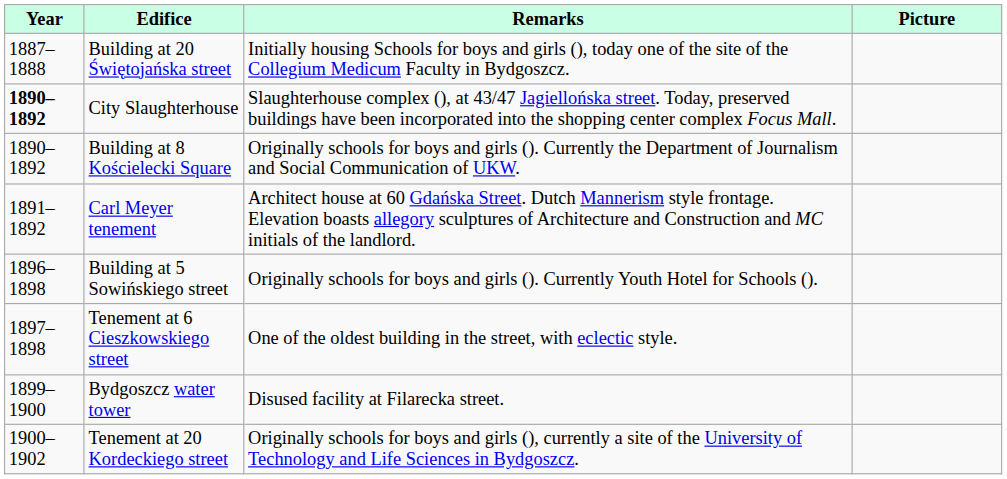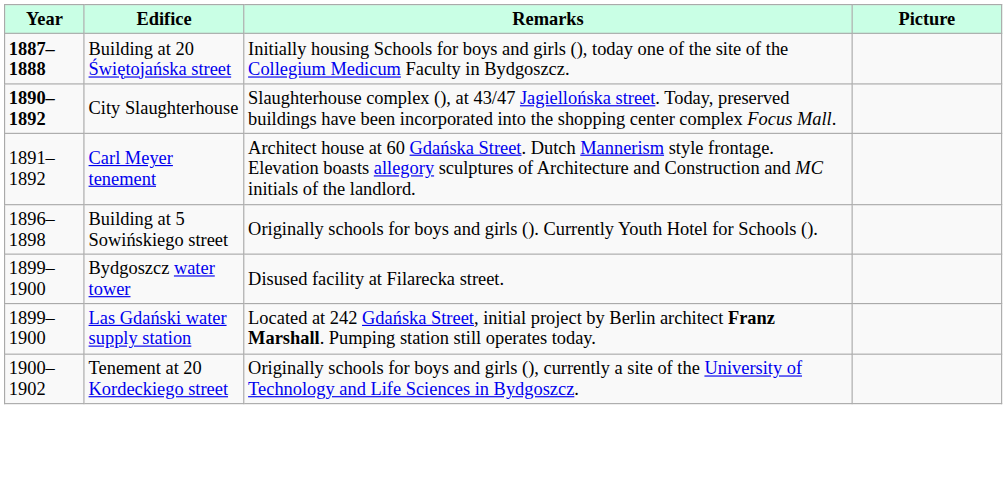 <table class="wikitable" style="flex: 30em">
 <tr align="center" bgcolor="#C9FFE5">
 <td width=8%><strong>Year</strong></td>
 <td width=16%><strong>Edifice</strong></td>
 <td width=61%><strong>Remarks</strong></td>
 <td width=15%><strong>Picture</strong></td>
 </tr>
 <tr ----bgcolor="#EFEFEF">
-<td>1887–1888</td>
+<td><strong>1887–1888</strong></td>
 <td>Building at 20 <a href='#'>Świętojańska street</a></td>
 <td>Initially housing Schools for boys and girls (), today one of the site of the <a href='#'>Collegium Medicum</a> Faculty in Bydgoszcz.</td>
 <td></td>
 </tr>
 <tr ---->
 <td><strong>1890–1892</strong></td>
 <td>City Slaughterhouse</td>
 <td>Slaughterhouse complex (), at 43/47 <a href='#'>Jagiellońska street</a>. Today, preserved buildings have been incorporated into the shopping center complex <em>Focus Mall</em>.</td>
-<td></td>
-</tr>
-<tr ----bgcolor="#EFEFEF">
-<td>1890–1892</td>
-<td>Building at 8 <a href='#'>Kościelecki Square</a></td>
-<td>Originally schools for boys and girls (). Currently the Department of Journalism and Social Communication of <a href='#'>UKW</a>.</td>
 <td></td>
 </tr>
 <tr ---->
 <td>1891–1892</td>
 <td><a href='#'>Carl Meyer tenement</a></td>
 <td>Architect house at 60 <a href='#'>Gdańska Street</a>. Dutch <a href='#'>Mannerism</a> style frontage. Elevation boasts <a href='#'>allegory</a> sculptures of Architecture and Construction and <em>MC</em> initials of the landlord.</td>
 <td></td>
 </tr>
 <tr ----bgcolor="#EFEFEF">
 <td>1896–1898</td>
 <td>Building at 5 Sowińskiego street</td>
 <td>Originally schools for boys and girls (). Currently Youth Hotel for Schools ().</td>
 <td></td>
 </tr>
-<tr ---->
-<td>1897–1898</td>
-<td>Tenement at 6 <a href='#'>Cieszkowskiego street</a></td>
-<td>One of the oldest building in the street, with <a href='#'>eclectic</a> style.</td>
-<td></td>
-</tr>
 <tr ----bgcolor="#EFEFEF">
 <td>1899–1900</td>
 <td>Bydgoszcz <a href='#'>water tower</a></td>
 <td>Disused facility at Filarecka street.</td>
+<td></td>
+</tr>
+<tr ---->
+<td>1899–1900</td>
+<td><a href='#'>Las Gdański water supply station</a></td>
+<td>Located at 242 <a href='#'>Gdańska Street</a>, initial project by Berlin architect <strong>Franz Marshall</strong>. Pumping station still operates today.</td>
 <td></td>
 </tr>
 <tr ----bgcolor="#EFEFEF">
 <td>1900–1902</td>
 <td>Tenement at 20 <a href='#'>Kordeckiego street</a></td>
 <td>Originally schools for boys and girls (), currently a site of the <a href='#'>University of Technology and Life Sciences in Bydgoszcz</a>.</td>
 <td></td>
 </tr>
 </table>
